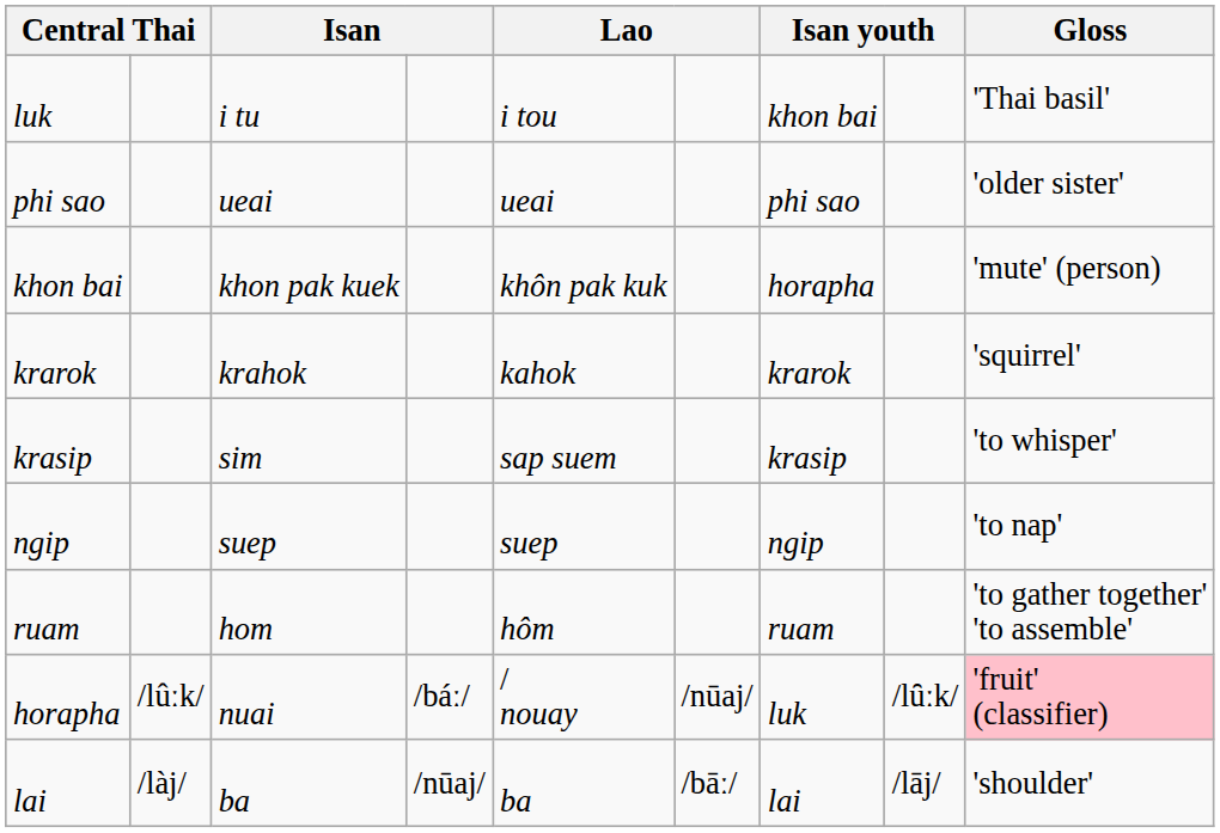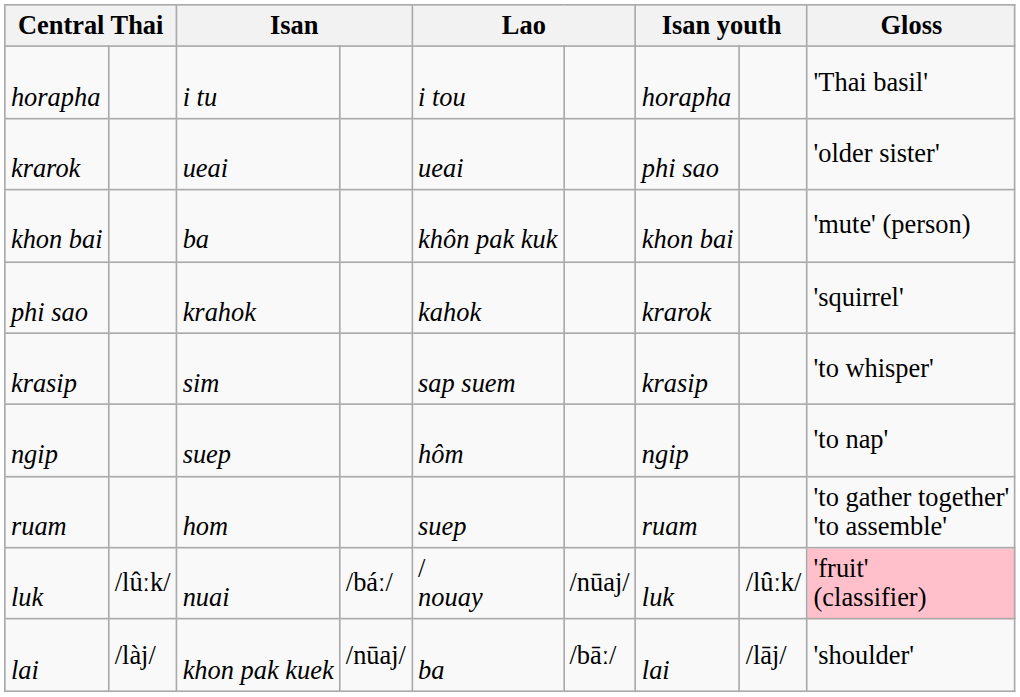 <table class="wikitable">
 <tr>
 <th colspan="2">Central Thai</th>
 <th colspan="2">Isan</th>
 <th colspan="2">Lao</th>
 <th colspan="2">Isan youth</th>
 <th>Gloss</th>
 </tr>
 <tr>
-<td><br><em>luk</em></td>
+<td><br><em>horapha</em></td>
 <td></td>
 <td><br><em>i tu</em></td>
 <td></td>
 <td><br><em>i tou</em></td>
 <td></td>
-<td><br><em>khon bai</em></td>
+<td><br><em>horapha</em></td>
 <td></td>
 <td>'Thai basil'</td>
 </tr>
 <tr>
-<td><br><em>phi sao</em></td>
+<td><br><em>krarok</em></td>
 <td></td>
 <td><br><em>ueai</em></td>
 <td></td>
 <td><br><em>ueai</em></td>
 <td></td>
 <td><br><em>phi sao</em></td>
 <td></td>
 <td>'older sister'</td>
 </tr>
 <tr>
 <td><br><em>khon bai</em></td>
 <td></td>
-<td><br><em>khon pak kuek</em></td>
+<td><br><em>ba</em></td>
 <td></td>
 <td><br><em>khôn pak kuk</em></td>
 <td></td>
-<td><br><em>horapha</em></td>
+<td><br><em>khon bai</em></td>
 <td></td>
 <td>'mute' (person)</td>
 </tr>
 <tr>
-<td><br><em>krarok</em></td>
+<td><br><em>phi sao</em></td>
 <td></td>
 <td><br><em>krahok</em></td>
 <td></td>
 <td><br><em>kahok</em></td>
 <td></td>
 <td><br><em>krarok</em></td>
 <td></td>
 <td>'squirrel'</td>
 </tr>
 <tr>
 <td><br><em>krasip</em></td>
 <td></td>
 <td><br><em>sim</em></td>
 <td></td>
 <td><br><em>sap suem</em></td>
 <td></td>
 <td><br><em>krasip</em><br></td>
 <td></td>
 <td>'to whisper'</td>
 </tr>
 <tr>
 <td><br><em>ngip</em></td>
 <td></td>
 <td><br><em>suep</em></td>
 <td></td>
-<td><br><em>suep</em></td>
+<td><br><em>hôm</em></td>
 <td></td>
 <td><br><em>ngip</em></td>
 <td></td>
 <td>'to nap'</td>
 </tr>
 <tr>
 <td><br><em>ruam</em></td>
 <td></td>
 <td><br><em>hom</em></td>
 <td></td>
-<td><br><em>hôm</em></td>
+<td><br><em>suep</em></td>
 <td></td>
 <td><br><em>ruam</em></td>
 <td></td>
 <td>'to gather together'<br>'to assemble'</td>
 </tr>
 <tr>
-<td><br><em>horapha</em></td>
+<td><br><em>luk</em></td>
 <td>/lûːk/</td>
 <td><br><em>nuai</em></td>
 <td>/báː/</td>
 <td>/<br><em>nouay</em></td>
 <td>/nūaj/</td>
 <td><br><em>luk</em></td>
 <td>/lȗːk/</td>
 <td style="background: pink;">'fruit'<br>(classifier)</td>
 </tr>
 <tr>
 <td><br><em>lai</em></td>
 <td>/làj/</td>
-<td><br><em>ba</em></td>
+<td><br><em>khon pak kuek</em></td>
 <td>/nūaj/</td>
 <td><br><em>ba</em></td>
 <td>/bāː/</td>
 <td><br><em>lai</em></td>
 <td>/lāj/</td>
 <td>'shoulder'<br></td>
 </tr>
 </table>
